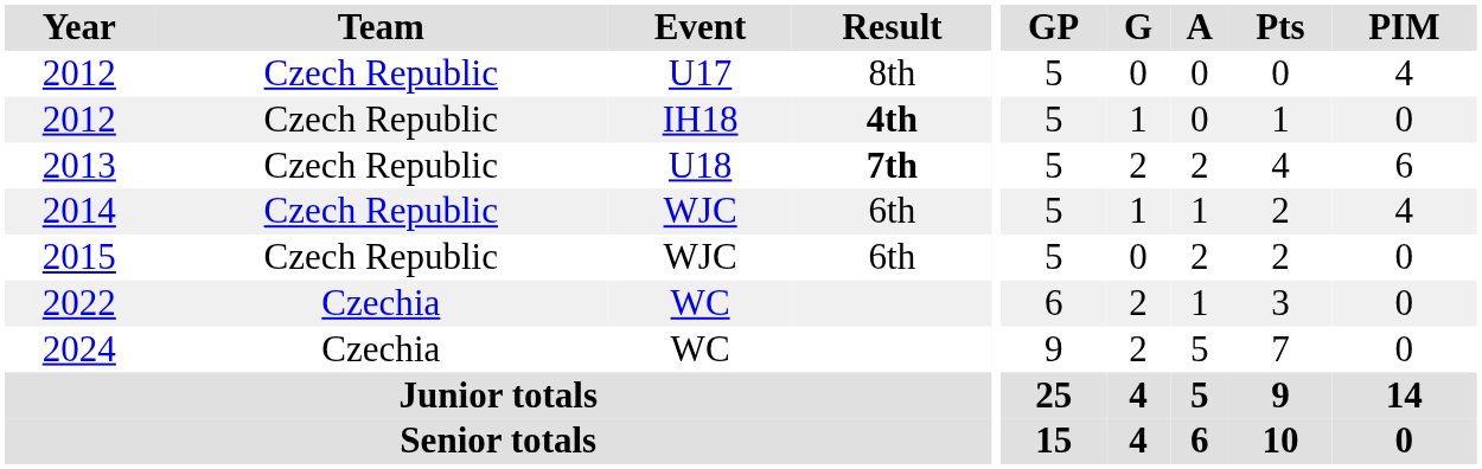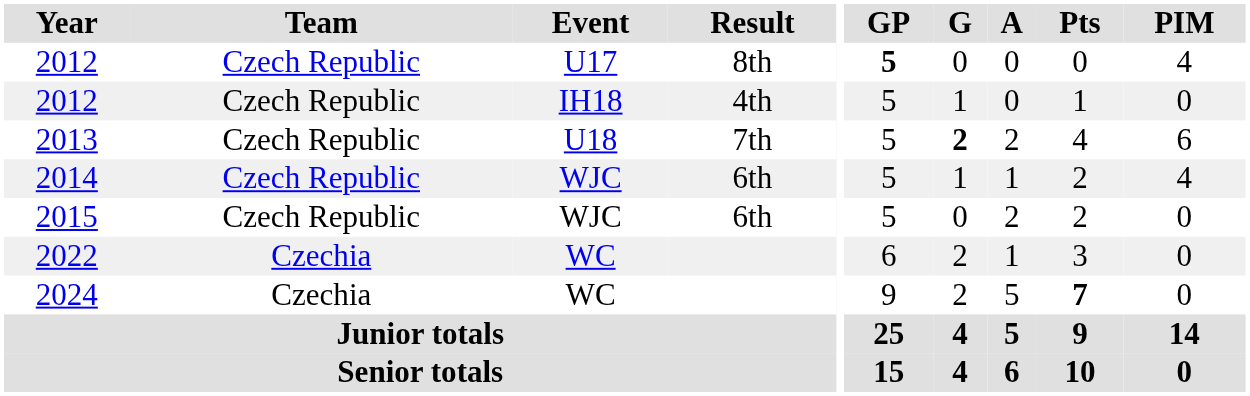 <table border="0" cellpadding="1" cellspacing="0" ID="Table3" style="text-align:center; width:40em">
 <tr ALIGN="center" bgcolor="#e0e0e0">
 <th>Year</th>
 <th>Team</th>
 <th>Event</th>
 <th>Result</th>
 <th rowspan="99" bgcolor="#fff"></th>
 <th>GP</th>
 <th>G</th>
 <th>A</th>
 <th>Pts</th>
 <th>PIM</th>
 </tr>
 <tr>
 <td><a href='#'>2012</a></td>
 <td><a href='#'>Czech Republic</a></td>
 <td><a href='#'>U17</a></td>
 <td>8th</td>
-<td>5</td>
+<td><strong>5</strong></td>
 <td>0</td>
 <td>0</td>
 <td>0</td>
 <td>4</td>
 </tr>
 <tr bgcolor="#f0f0f0">
 <td><a href='#'>2012</a></td>
 <td>Czech Republic</td>
 <td><a href='#'>IH18</a></td>
-<td><strong>4th</strong></td>
+<td>4th</td>
 <td>5</td>
 <td>1</td>
 <td>0</td>
 <td>1</td>
 <td>0</td>
 </tr>
 <tr>
 <td><a href='#'>2013</a></td>
 <td>Czech Republic</td>
 <td><a href='#'>U18</a></td>
-<td><strong>7th</strong></td>
+<td>7th</td>
 <td>5</td>
-<td>2</td>
+<td><strong>2</strong></td>
 <td>2</td>
 <td>4</td>
 <td>6</td>
 </tr>
 <tr bgcolor="#f0f0f0">
 <td><a href='#'>2014</a></td>
 <td><a href='#'>Czech Republic</a></td>
 <td><a href='#'>WJC</a></td>
 <td>6th</td>
 <td>5</td>
 <td>1</td>
 <td>1</td>
 <td>2</td>
 <td>4</td>
 </tr>
 <tr>
 <td><a href='#'>2015</a></td>
 <td>Czech Republic</td>
 <td>WJC</td>
 <td>6th</td>
 <td>5</td>
 <td>0</td>
 <td>2</td>
 <td>2</td>
 <td>0</td>
 </tr>
 <tr bgcolor="#f0f0f0">
 <td><a href='#'>2022</a></td>
 <td><a href='#'>Czechia</a></td>
 <td><a href='#'>WC</a></td>
 <td></td>
 <td>6</td>
 <td>2</td>
 <td>1</td>
 <td>3</td>
 <td>0</td>
 </tr>
 <tr>
 <td><a href='#'>2024</a></td>
 <td>Czechia</td>
 <td>WC</td>
 <td></td>
 <td>9</td>
 <td>2</td>
 <td>5</td>
-<td>7</td>
+<td><strong>7</strong></td>
 <td>0</td>
 </tr>
 <tr bgcolor="#e0e0e0">
 <th colspan="4">Junior totals</th>
 <th>25</th>
 <th>4</th>
 <th>5</th>
 <th>9</th>
 <th>14</th>
 </tr>
 <tr bgcolor="#e0e0e0">
 <th colspan="4">Senior totals</th>
 <th>15</th>
 <th>4</th>
 <th>6</th>
 <th>10</th>
 <th>0</th>
 </tr>
 </table>
